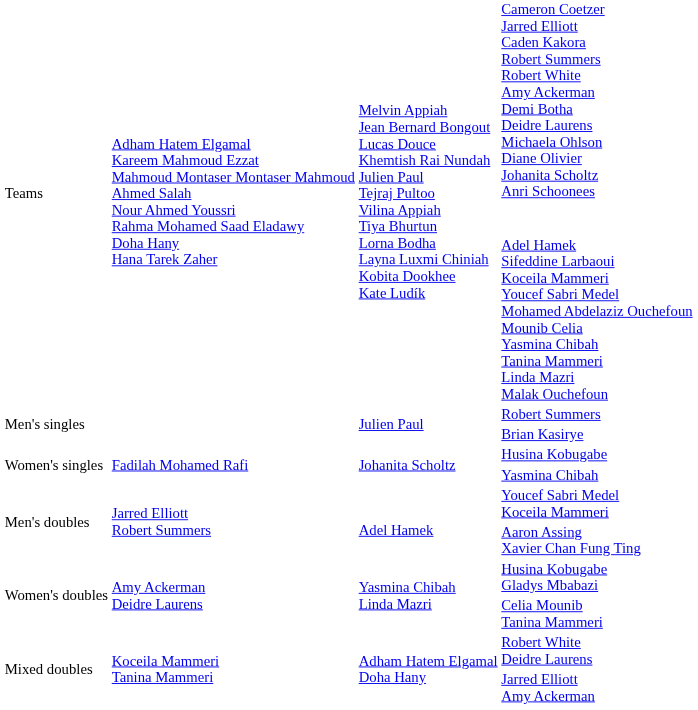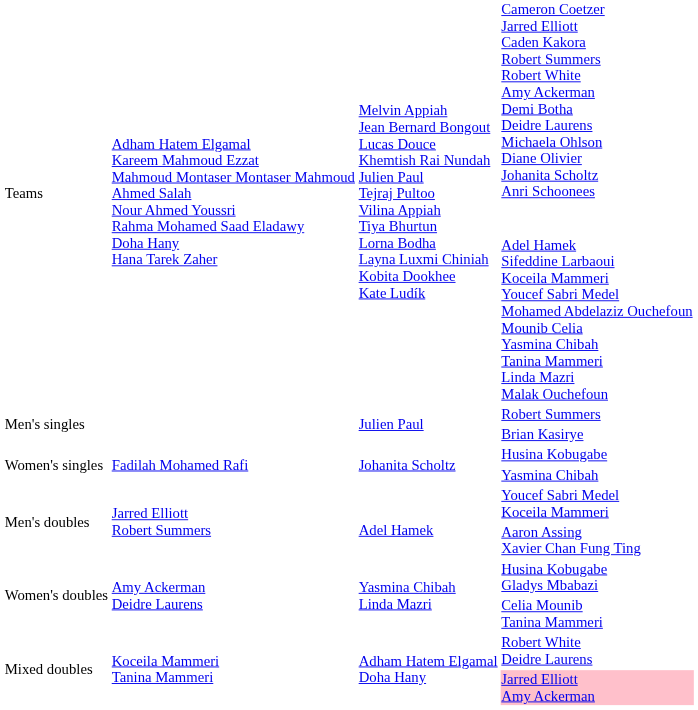 <table>
 <tr>
 <td rowspan=2>Teams</td>
 <td rowspan=2><br><a href='#'>Adham Hatem Elgamal</a><br><a href='#'>Kareem Mahmoud Ezzat</a><br><a href='#'>Mahmoud Montaser Montaser Mahmoud</a><br><a href='#'>Ahmed Salah</a><br><a href='#'>Nour Ahmed Youssri</a><br><a href='#'>Rahma Mohamed Saad Eladawy</a><br><a href='#'>Doha Hany</a><br><a href='#'>Hana Tarek Zaher</a></td>
 <td rowspan=2><br><a href='#'>Melvin Appiah</a><br><a href='#'>Jean Bernard Bongout</a><br><a href='#'>Lucas Douce</a><br><a href='#'>Khemtish Rai Nundah</a><br><a href='#'>Julien Paul</a><br><a href='#'>Tejraj Pultoo</a><br><a href='#'>Vilina Appiah</a><br><a href='#'>Tiya Bhurtun</a><br><a href='#'>Lorna Bodha</a><br><a href='#'>Layna Luxmi Chiniah</a><br><a href='#'>Kobita Dookhee</a><br><a href='#'>Kate Ludík</a></td>
 <td><br><a href='#'>Cameron Coetzer</a><br><a href='#'>Jarred Elliott</a><br><a href='#'>Caden Kakora</a><br><a href='#'>Robert Summers</a><br><a href='#'>Robert White</a><br><a href='#'>Amy Ackerman</a><br><a href='#'>Demi Botha</a><br><a href='#'>Deidre Laurens</a><br><a href='#'>Michaela Ohlson</a><br><a href='#'>Diane Olivier</a><br><a href='#'>Johanita Scholtz</a><br><a href='#'>Anri Schoonees</a></td>
 </tr>
 <tr>
 <td><br><br><a href='#'>Adel Hamek</a><br><a href='#'>Sifeddine Larbaoui</a><br><a href='#'>Koceila Mammeri</a><br><a href='#'>Youcef Sabri Medel</a><br><a href='#'>Mohamed Abdelaziz Ouchefoun</a><br><a href='#'>Mounib Celia</a><br><a href='#'>Yasmina Chibah</a><br><a href='#'>Tanina Mammeri</a><br><a href='#'>Linda Mazri</a><br><a href='#'>Malak Ouchefoun</a></td>
 </tr>
 <tr>
 <td rowspan=2>Men's singles</td>
 <td rowspan=2></td>
 <td rowspan=2> <a href='#'>Julien Paul</a></td>
 <td> <a href='#'>Robert Summers</a></td>
 </tr>
 <tr>
 <td> <a href='#'>Brian Kasirye</a></td>
 </tr>
 <tr>
 <td rowspan=2>Women's singles</td>
 <td rowspan=2> <a href='#'>Fadilah Mohamed Rafi</a></td>
 <td rowspan=2> <a href='#'>Johanita Scholtz</a></td>
 <td> <a href='#'>Husina Kobugabe</a></td>
 </tr>
 <tr>
 <td> <a href='#'>Yasmina Chibah</a></td>
 </tr>
 <tr>
 <td rowspan=2>Men's doubles</td>
 <td rowspan=2> <a href='#'>Jarred Elliott</a> <br> <a href='#'>Robert Summers</a></td>
 <td rowspan=2> <br> <a href='#'>Adel Hamek</a></td>
 <td> <a href='#'>Youcef Sabri Medel</a> <br> <a href='#'>Koceila Mammeri</a></td>
 </tr>
 <tr>
 <td> <a href='#'>Aaron Assing</a> <br> <a href='#'>Xavier Chan Fung Ting</a></td>
 </tr>
 <tr>
 <td rowspan=2>Women's doubles</td>
 <td rowspan=2> <a href='#'>Amy Ackerman</a> <br> <a href='#'>Deidre Laurens</a></td>
 <td rowspan=2> <a href='#'>Yasmina Chibah</a> <br> <a href='#'>Linda Mazri</a></td>
 <td> <a href='#'>Husina Kobugabe</a> <br> <a href='#'>Gladys Mbabazi</a></td>
 </tr>
 <tr>
 <td> <a href='#'>Celia Mounib</a> <br> <a href='#'>Tanina Mammeri</a></td>
 </tr>
 <tr>
 <td rowspan=2>Mixed doubles</td>
 <td rowspan=2> <a href='#'>Koceila Mammeri</a> <br> <a href='#'>Tanina Mammeri</a></td>
 <td rowspan=2> <a href='#'>Adham Hatem Elgamal</a> <br> <a href='#'>Doha Hany</a></td>
 <td> <a href='#'>Robert White</a> <br> <a href='#'>Deidre Laurens</a></td>
 </tr>
 <tr>
-<td> <a href='#'>Jarred Elliott</a> <br> <a href='#'>Amy Ackerman</a></td>
+<td style="background: pink;"> <a href='#'>Jarred Elliott</a> <br> <a href='#'>Amy Ackerman</a></td>
 </tr>
 </table>
